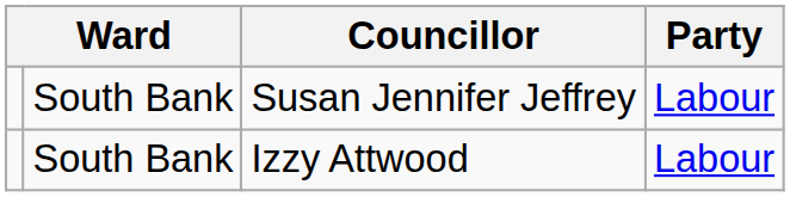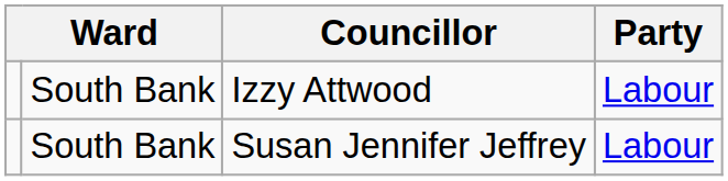 <table class="wikitable">
 <tr>
 <th colspan="2">Ward</th>
 <th>Councillor</th>
 <th>Party</th>
 </tr>
 <tr>
 <td style="background-color: "></td>
 <td>South Bank</td>
-<td>Susan Jennifer Jeffrey</td>
+<td>Izzy Attwood</td>
 <td><a href='#'>Labour</a></td>
 </tr>
 <tr>
 <td style="background-color: "></td>
 <td>South Bank</td>
-<td>Izzy Attwood</td>
+<td>Susan Jennifer Jeffrey</td>
 <td><a href='#'>Labour</a></td>
 </tr>
 </table>
